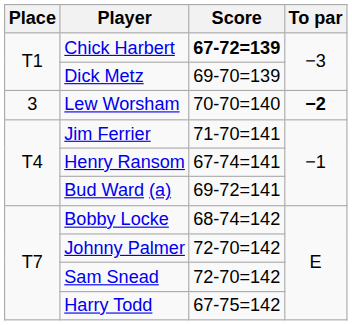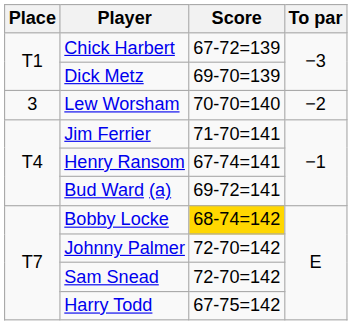 <table class=wikitable>
 <tr>
 <th>Place</th>
 <th>Player</th>
 <th>Score</th>
 <th>To par</th>
 </tr>
 <tr>
 <td rowspan=2 align=center>T1</td>
 <td> <a href='#'>Chick Harbert</a></td>
-<td><strong>67-72=139</strong></td>
+<td>67-72=139</td>
 <td rowspan=2 align=center>−3</td>
 </tr>
 <tr>
 <td> <a href='#'>Dick Metz</a></td>
 <td>69-70=139</td>
 </tr>
 <tr>
 <td align=center>3</td>
 <td> <a href='#'>Lew Worsham</a></td>
 <td>70-70=140</td>
-<td align=center><strong>−2</strong></td>
+<td align=center>−2</td>
 </tr>
 <tr>
 <td rowspan=3 align=center>T4</td>
 <td> <a href='#'>Jim Ferrier</a></td>
 <td>71-70=141</td>
 <td rowspan=3 align=center>−1</td>
 </tr>
 <tr>
 <td> <a href='#'>Henry Ransom</a></td>
 <td>67-74=141</td>
 </tr>
 <tr>
 <td> <a href='#'>Bud Ward</a> <a href='#'>(a)</a></td>
 <td>69-72=141</td>
 </tr>
 <tr>
 <td rowspan=4 align=center>T7</td>
 <td> <a href='#'>Bobby Locke</a></td>
-<td>68-74=142</td>
+<td style="background: gold;">68-74=142</td>
 <td rowspan=4 align=center>E</td>
 </tr>
 <tr>
 <td> <a href='#'>Johnny Palmer</a></td>
 <td>72-70=142</td>
 </tr>
 <tr>
 <td> <a href='#'>Sam Snead</a></td>
 <td>72-70=142</td>
 </tr>
 <tr>
 <td> <a href='#'>Harry Todd</a></td>
 <td>67-75=142</td>
 </tr>
 </table>
